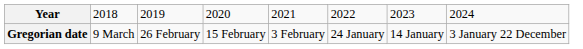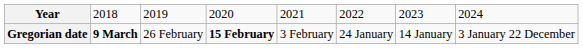 <table class="wikitable">
 <tr>
 <th><strong>Year</strong></th>
 <td>2018</td>
 <td>2019</td>
 <td>2020</td>
 <td>2021</td>
 <td>2022</td>
 <td>2023</td>
 <td>2024</td>
 </tr>
 <tr>
 <th><strong>Gregorian date</strong></th>
-<td>9 March</td>
+<td><strong>9 March</strong></td>
 <td>26 February</td>
-<td>15 February</td>
+<td><strong>15 February</strong></td>
 <td>3 February</td>
 <td>24 January</td>
 <td>14 January</td>
 <td>3 January 22 December</td>
 </tr>
 </table>
